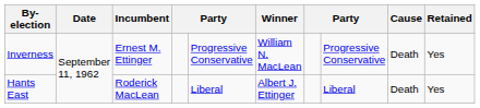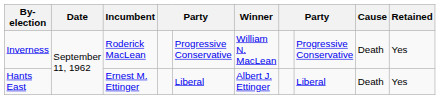 <table class=wikitable style="width:100%">
 <tr>
 <th>By-election</th>
 <th>Date</th>
 <th>Incumbent</th>
 <th colspan=2>Party</th>
 <th>Winner</th>
 <th colspan=2>Party</th>
 <th>Cause</th>
 <th>Retained</th>
 </tr>
 <tr>
 <td><a href='#'>Inverness</a></td>
 <td rowspan="2">September 11, 1962</td>
-<td><a href='#'>Ernest M. Ettinger</a></td>
+<td><a href='#'>Roderick MacLean</a></td>
 <td>    </td>
 <td><a href='#'>Progressive Conservative</a></td>
 <td><a href='#'>William N. MacLean</a></td>
 <td>    </td>
 <td><a href='#'>Progressive Conservative</a></td>
 <td>Death</td>
 <td>Yes</td>
 </tr>
 <tr>
 <td><a href='#'>Hants East</a></td>
-<td><a href='#'>Roderick MacLean</a></td>
+<td><a href='#'>Ernest M. Ettinger</a></td>
 <td>    </td>
 <td><a href='#'>Liberal</a></td>
 <td><a href='#'>Albert J. Ettinger</a></td>
 <td>    </td>
 <td><a href='#'>Liberal</a></td>
 <td>Death</td>
 <td>Yes</td>
 </tr>
 </table>
